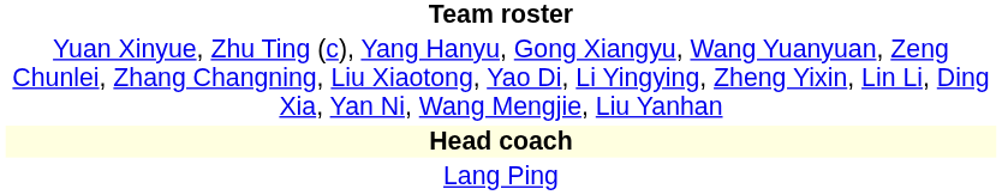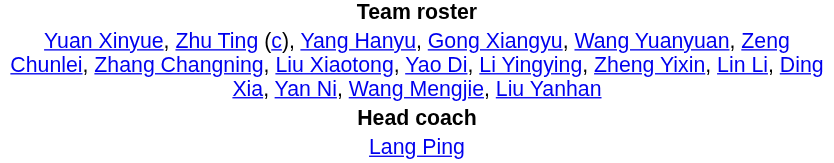 <table style="text-align:center; margin-top:2em; margin-left:auto; margin-right:auto">
 <tr>
 <td><strong>Team roster</strong></td>
 </tr>
 <tr>
 <td><a href='#'>Yuan Xinyue</a>, <a href='#'>Zhu Ting</a> (<a href='#'>c</a>), <a href='#'>Yang Hanyu</a>, <a href='#'>Gong Xiangyu</a>, <a href='#'>Wang Yuanyuan</a>, <a href='#'>Zeng Chunlei</a>, <a href='#'>Zhang Changning</a>, <a href='#'>Liu Xiaotong</a>, <a href='#'>Yao Di</a>, <a href='#'>Li Yingying</a>, <a href='#'>Zheng Yixin</a>, <a href='#'>Lin Li</a>, <a href='#'>Ding Xia</a>, <a href='#'>Yan Ni</a>, <a href='#'>Wang Mengjie</a>, <a href='#'>Liu Yanhan</a></td>
 </tr>
 <tr>
-<td style="background: lightyellow;"><strong>Head coach</strong></td>
+<td><strong>Head coach</strong></td>
 </tr>
 <tr>
 <td><a href='#'>Lang Ping</a></td>
 </tr>
 </table>
